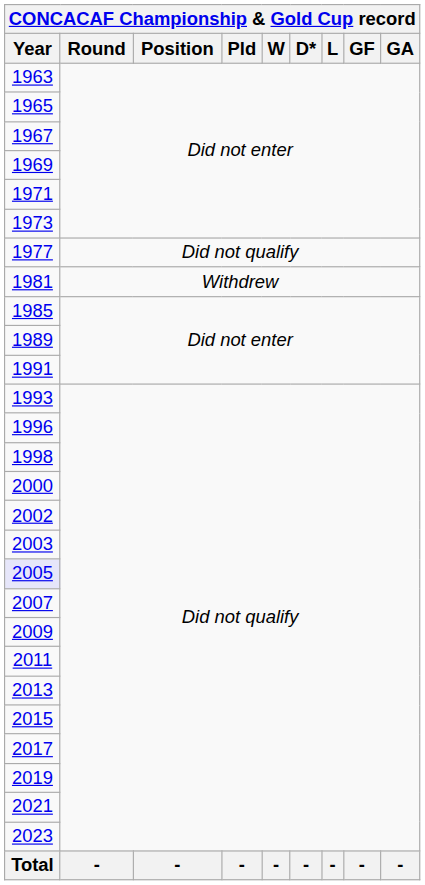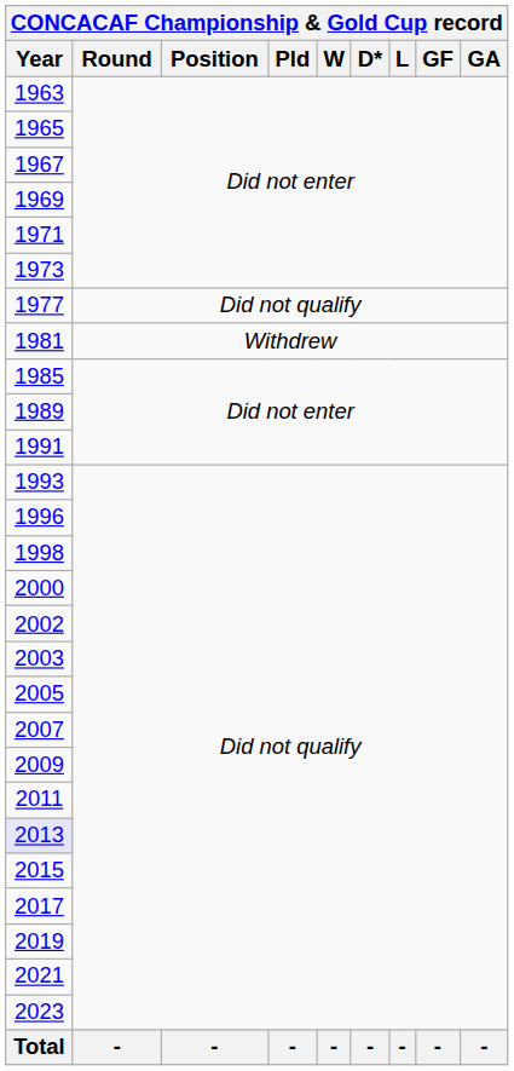 <table class="wikitable" style="text-align: center;">
 <tr>
 <th colspan=10><a href='#'>CONCACAF Championship</a> & <a href='#'>Gold Cup</a> record</th>
 </tr>
 <tr>
 <th>Year</th>
 <th>Round</th>
 <th>Position</th>
 <th>Pld</th>
 <th>W</th>
 <th>D*</th>
 <th>L</th>
 <th>GF</th>
 <th>GA</th>
 </tr>
 <tr>
 <td> <a href='#'>1963</a></td>
 <td colspan=8 rowspan=6><em>Did not enter</em></td>
 </tr>
 <tr>
 <td> <a href='#'>1965</a></td>
 </tr>
 <tr>
 <td> <a href='#'>1967</a></td>
 </tr>
 <tr>
 <td> <a href='#'>1969</a></td>
 </tr>
 <tr>
 <td> <a href='#'>1971</a></td>
 </tr>
 <tr>
 <td> <a href='#'>1973</a></td>
 </tr>
 <tr>
 <td> <a href='#'>1977</a></td>
 <td colspan=8><em>Did not qualify</em></td>
 </tr>
 <tr>
 <td> <a href='#'>1981</a></td>
 <td colspan=8><em>Withdrew</em></td>
 </tr>
 <tr>
 <td><a href='#'>1985</a></td>
 <td colspan=8 rowspan=3><em>Did not enter</em></td>
 </tr>
 <tr>
 <td><a href='#'>1989</a></td>
 </tr>
 <tr>
 <td> <a href='#'>1991</a></td>
 </tr>
 <tr>
 <td> <a href='#'>1993</a></td>
 <td colspan=8 rowspan=16><em>Did not qualify</em></td>
 </tr>
 <tr>
 <td> <a href='#'>1996</a></td>
 </tr>
 <tr>
 <td> <a href='#'>1998</a></td>
 </tr>
 <tr>
 <td> <a href='#'>2000</a></td>
 </tr>
 <tr>
 <td> <a href='#'>2002</a></td>
 </tr>
 <tr>
 <td> <a href='#'>2003</a></td>
 </tr>
 <tr>
-<td style="background: lavender;"> <a href='#'>2005</a></td>
+<td> <a href='#'>2005</a></td>
 </tr>
 <tr>
 <td> <a href='#'>2007</a></td>
 </tr>
 <tr>
 <td> <a href='#'>2009</a></td>
 </tr>
 <tr>
 <td> <a href='#'>2011</a></td>
 </tr>
 <tr>
-<td> <a href='#'>2013</a></td>
+<td style="background: lavender;"> <a href='#'>2013</a></td>
 </tr>
 <tr>
 <td> <a href='#'>2015</a></td>
 </tr>
 <tr>
 <td> <a href='#'>2017</a></td>
 </tr>
 <tr>
 <td> <a href='#'>2019</a></td>
 </tr>
 <tr>
 <td> <a href='#'>2021</a></td>
 </tr>
 <tr>
 <td> <a href='#'>2023</a></td>
 </tr>
 <tr>
 <th>Total</th>
 <th>-</th>
 <th>-</th>
 <th>-</th>
 <th>-</th>
 <th>-</th>
 <th>-</th>
 <th>-</th>
 <th>-</th>
 </tr>
 </table>
